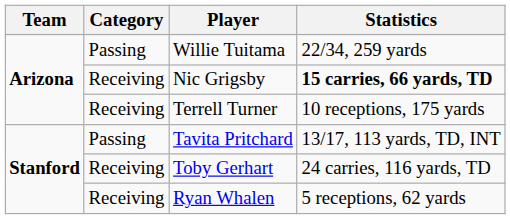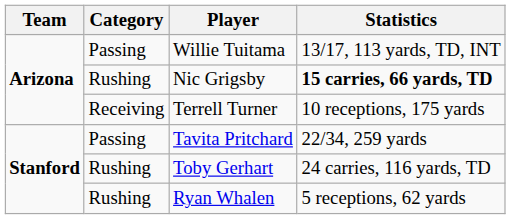 <table class="wikitable" style="float: right;">
 <tr>
 <th>Team</th>
 <th>Category</th>
 <th>Player</th>
 <th>Statistics</th>
 </tr>
 <tr>
 <td rowspan=3><strong>Arizona</strong></td>
 <td>Passing</td>
 <td>Willie Tuitama</td>
-<td>22/34, 259 yards</td>
+<td>13/17, 113 yards, TD, INT</td>
 </tr>
 <tr>
-<td>Receiving</td>
+<td>Rushing</td>
 <td>Nic Grigsby</td>
 <td><strong>15 carries, 66 yards, TD</strong></td>
 </tr>
 <tr>
 <td>Receiving</td>
 <td>Terrell Turner</td>
 <td>10 receptions, 175 yards</td>
 </tr>
 <tr>
 <td rowspan=3><strong>Stanford</strong></td>
 <td>Passing</td>
 <td><a href='#'>Tavita Pritchard</a></td>
-<td>13/17, 113 yards, TD, INT</td>
+<td>22/34, 259 yards</td>
 </tr>
 <tr>
-<td>Receiving</td>
+<td>Rushing</td>
 <td><a href='#'>Toby Gerhart</a></td>
 <td>24 carries, 116 yards, TD</td>
 </tr>
 <tr>
-<td>Receiving</td>
+<td>Rushing</td>
 <td><a href='#'>Ryan Whalen</a></td>
 <td>5 receptions, 62 yards</td>
 </tr>
 </table>
